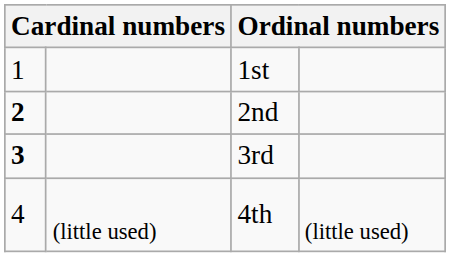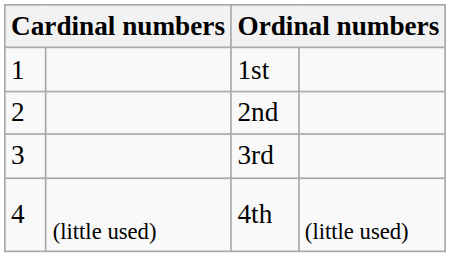 <table class="wikitable">
 <tr>
 <th colspan="2">Cardinal numbers</th>
 <th colspan="2">Ordinal numbers</th>
 </tr>
 <tr>
 <td>1</td>
 <td></td>
 <td>1st</td>
 <td></td>
 </tr>
 <tr>
-<td><strong>2</strong></td>
+<td>2</td>
 <td></td>
 <td>2nd</td>
 <td></td>
 </tr>
 <tr>
-<td><strong>3</strong></td>
+<td>3</td>
 <td></td>
 <td>3rd</td>
 <td></td>
 </tr>
 <tr>
 <td>4</td>
 <td><br><small>(little used)</small></td>
 <td>4th</td>
 <td><br><small>(little used)</small></td>
 </tr>
 </table>
